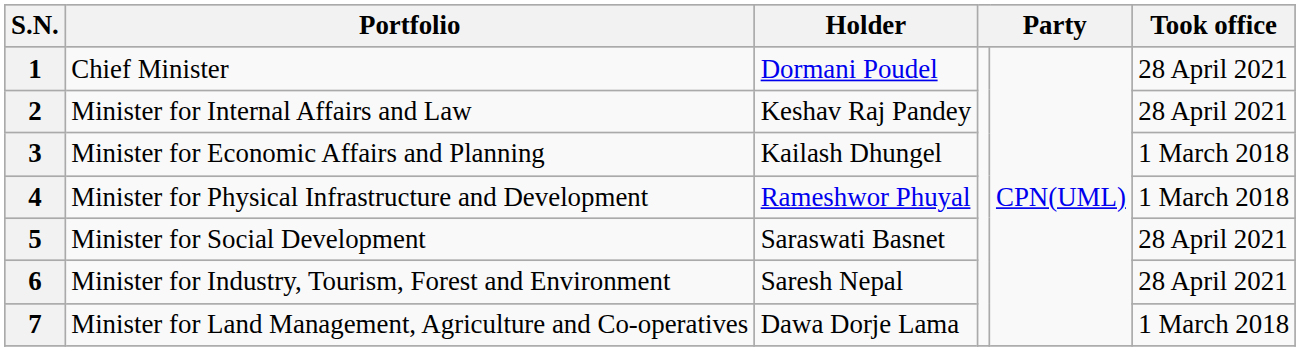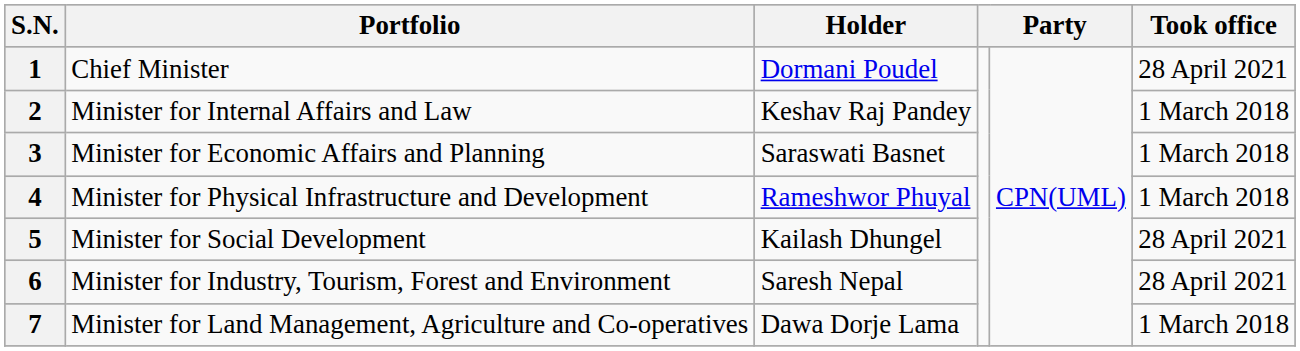 <table class="wikitable">
 <tr>
 <th>S.N.</th>
 <th>Portfolio</th>
 <th>Holder</th>
 <th colspan="2">Party</th>
 <th>Took office</th>
 </tr>
 <tr>
 <th>1</th>
 <td>Chief Minister</td>
 <td><a href='#'>Dormani Poudel</a></td>
 <td rowspan="7"></td>
 <td rowspan="7"><a href='#'>CPN(UML)</a></td>
 <td>28 April 2021</td>
 </tr>
 <tr>
 <th>2</th>
 <td>Minister for Internal Affairs and Law</td>
 <td>Keshav Raj Pandey</td>
-<td>28 April 2021</td>
+<td>1 March 2018</td>
 </tr>
 <tr>
 <th>3</th>
 <td>Minister for Economic Affairs and Planning</td>
-<td>Kailash Dhungel</td>
+<td>Saraswati Basnet</td>
 <td>1 March 2018</td>
 </tr>
 <tr>
 <th>4</th>
 <td>Minister for Physical Infrastructure and Development</td>
 <td><a href='#'>Rameshwor Phuyal</a></td>
 <td>1 March 2018</td>
 </tr>
 <tr>
 <th>5</th>
 <td>Minister for Social Development</td>
-<td>Saraswati Basnet</td>
+<td>Kailash Dhungel</td>
 <td>28 April 2021</td>
 </tr>
 <tr>
 <th>6</th>
 <td>Minister for Industry, Tourism, Forest and Environment</td>
 <td>Saresh Nepal</td>
 <td>28 April 2021</td>
 </tr>
 <tr>
 <th>7</th>
 <td>Minister for Land Management, Agriculture and Co-operatives</td>
 <td>Dawa Dorje Lama</td>
 <td>1 March 2018</td>
 </tr>
 </table>
